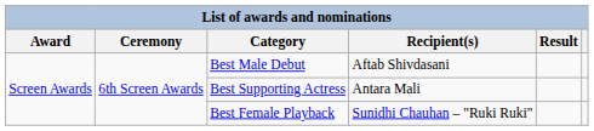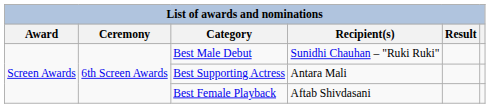 <table class="wikitable sortable" style="font-size:small">
 <tr style="background:#ccc; text-align:center;">
 <th colspan="6" style="background: LightSteelBlue;">List of awards and nominations</th>
 </tr>
 <tr style="background:#ccc; text-align:center;">
 <th>Award</th>
 <th>Ceremony</th>
 <th>Category</th>
 <th>Recipient(s)</th>
 <th>Result</th>
 <th class="unsortable"></th>
 </tr>
 <tr>
 <td rowspan="3"><a href='#'>Screen Awards</a></td>
 <td rowspan="3"><a href='#'>6th Screen Awards</a></td>
 <td><a href='#'>Best Male Debut</a></td>
-<td>Aftab Shivdasani</td>
+<td><a href='#'>Sunidhi Chauhan</a> – "Ruki Ruki"</td>
 <td></td>
 <td></td>
 </tr>
 <tr>
 <td><a href='#'>Best Supporting Actress</a></td>
 <td>Antara Mali</td>
 <td></td>
 <td></td>
 </tr>
 <tr>
 <td><a href='#'>Best Female Playback</a></td>
-<td><a href='#'>Sunidhi Chauhan</a> – "Ruki Ruki"</td>
+<td>Aftab Shivdasani</td>
 <td></td>
 <td></td>
 </tr>
 </table>
